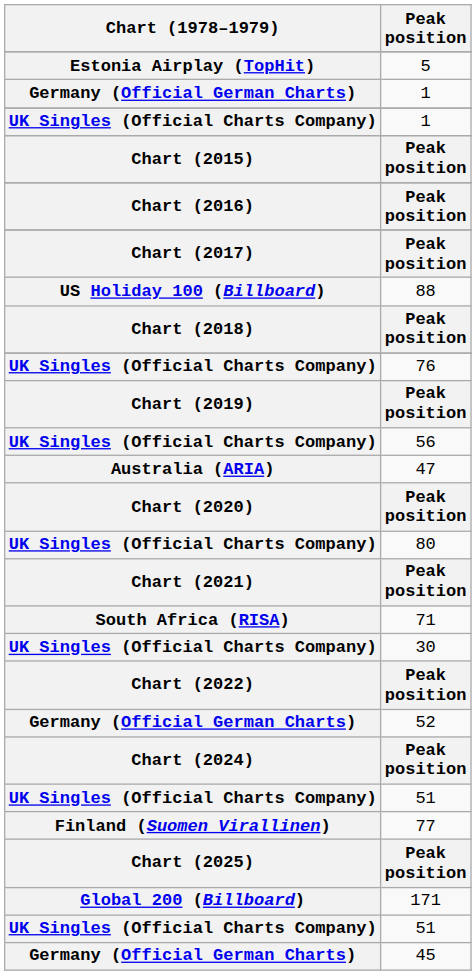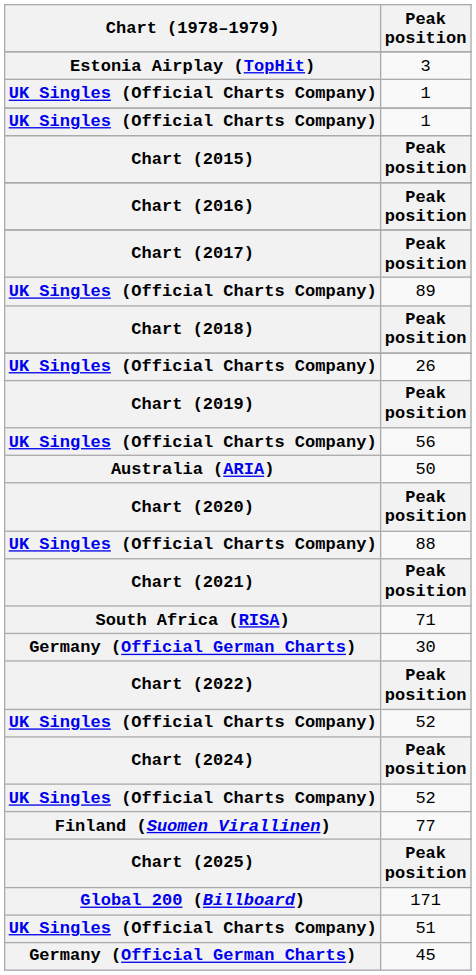 <table class="wikitable sortable plainrowheaders">
 <tr>
 <th>Chart (1978–1979)</th>
 <th>Peak<br>position</th>
 </tr>
 <tr>
 </tr>
 <tr>
 </tr>
 <tr>
 <th scope="row">Estonia Airplay (<a href='#'>TopHit</a>)</th>
-<td align="center">5</td>
+<td align="center">3</td>
 </tr>
 <tr>
-<th scope="row">Germany (<a href='#'>Official German Charts</a>)</th>
+<th scope="row"><a href='#'>UK Singles</a> (Official Charts Company)</th>
 <td style="text-align:center">1</td>
 </tr>
 <tr>
 </tr>
 <tr>
 </tr>
 <tr>
 </tr>
 <tr>
 </tr>
 <tr>
 </tr>
 <tr>
 <th scope="row"><a href='#'>UK Singles</a> (Official Charts Company)</th>
 <td style="text-align:center">1</td>
 </tr>
 <tr>
 </tr>
 <tr>
 <th>Chart (2015)</th>
 <th>Peak<br>position</th>
 </tr>
 <tr>
 </tr>
 <tr>
 <th>Chart (2016)</th>
 <th>Peak<br>position</th>
 </tr>
 <tr>
 </tr>
 <tr>
 <th>Chart (2017)</th>
 <th>Peak<br>position</th>
 </tr>
 <tr>
-<th scope="row">US <a href='#'>Holiday 100</a> (<em><a href='#'>Billboard</a></em>)</th>
-<td style="text-align:center">88</td>
+<th scope="row"><a href='#'>UK Singles</a> (Official Charts Company)</th>
+<td style="text-align:center">89</td>
 </tr>
 <tr>
 <th>Chart (2018)</th>
 <th>Peak<br>position</th>
 </tr>
 <tr>
 </tr>
 <tr>
 <th scope="row"><a href='#'>UK Singles</a> (Official Charts Company)</th>
-<td style="text-align:center">76</td>
+<td style="text-align:center">26</td>
 </tr>
 <tr>
 <th>Chart (2019)</th>
 <th>Peak<br>position</th>
 </tr>
 <tr>
 <th scope="row"><a href='#'>UK Singles</a> (Official Charts Company)</th>
 <td style="text-align:center">56</td>
 </tr>
 <tr>
 <th scope="row">Australia (<a href='#'>ARIA</a>)</th>
-<td style="text-align:center">47</td>
+<td style="text-align:center">50</td>
 </tr>
 <tr>
 <th>Chart (2020)</th>
 <th>Peak<br>position</th>
 </tr>
 <tr>
 <th scope="row"><a href='#'>UK Singles</a> (Official Charts Company)</th>
-<td style="text-align:center">80</td>
+<td style="text-align:center">88</td>
 </tr>
 <tr>
 <th>Chart (2021)</th>
 <th>Peak<br>position</th>
 </tr>
 <tr>
 <th scope="row">South Africa (<a href='#'>RISA</a>)</th>
 <td style="text-align:center">71</td>
 </tr>
 <tr>
-<th scope="row"><a href='#'>UK Singles</a> (Official Charts Company)</th>
+<th scope="row">Germany (<a href='#'>Official German Charts</a>)</th>
 <td style="text-align:center">30</td>
 </tr>
 <tr>
 <th>Chart (2022)</th>
 <th>Peak<br>position</th>
 </tr>
 <tr>
-<th scope="row">Germany (<a href='#'>Official German Charts</a>)</th>
+<th scope="row"><a href='#'>UK Singles</a> (Official Charts Company)</th>
 <td style="text-align:center">52</td>
 </tr>
 <tr>
 <th>Chart (2024)</th>
 <th>Peak<br>position</th>
 </tr>
 <tr>
 <th scope="row"><a href='#'>UK Singles</a> (Official Charts Company)</th>
-<td style="text-align:center">51</td>
+<td style="text-align:center">52</td>
 </tr>
 <tr>
 <th scope=row>Finland (<a href='#'><em>Suomen Virallinen</em></a>)</th>
 <td style="text-align:center">77</td>
 </tr>
 <tr>
 <th>Chart (2025)</th>
 <th>Peak<br>position</th>
 </tr>
 <tr>
 <th scope="row"><a href='#'>Global 200</a> (<em><a href='#'>Billboard</a></em>)</th>
 <td style="text-align:center">171</td>
 </tr>
 <tr>
 <th scope="row"><a href='#'>UK Singles</a> (Official Charts Company)</th>
 <td style="text-align:center">51</td>
 </tr>
 <tr>
 <th scope="row">Germany (<a href='#'>Official German Charts</a>)</th>
 <td style="text-align:center">45</td>
 </tr>
 </table>
